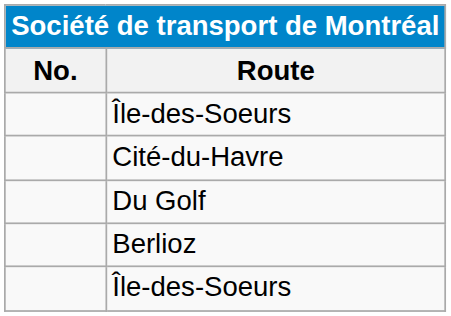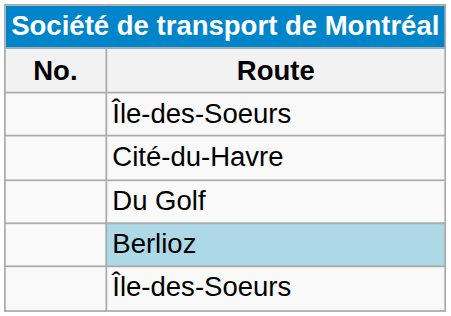 <table align=center class="wikitable">
 <tr>
 <th style="background: #0085CA; font-size:100%; color:#FFFFFF;"colspan="4">Société de transport de Montréal</th>
 </tr>
 <tr>
 <th>No.</th>
 <th>Route</th>
 </tr>
 <tr>
 <td></td>
 <td>Île-des-Soeurs</td>
 </tr>
 <tr>
 <td></td>
 <td>Cité-du-Havre</td>
 </tr>
 <tr>
 <td></td>
 <td>Du Golf</td>
 </tr>
 <tr>
 <td></td>
-<td>Berlioz</td>
+<td style="background: lightblue;">Berlioz</td>
 </tr>
 <tr>
 <td></td>
 <td>Île-des-Soeurs</td>
 </tr>
 </table>
